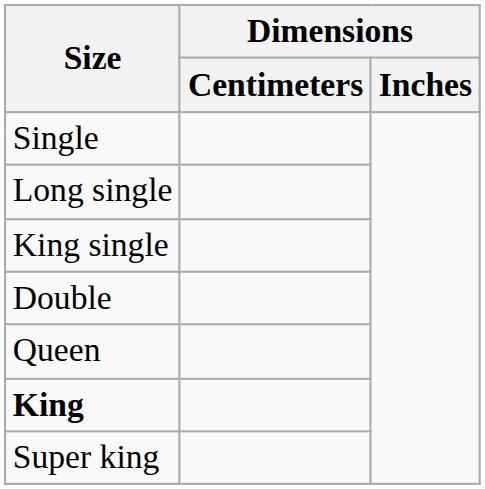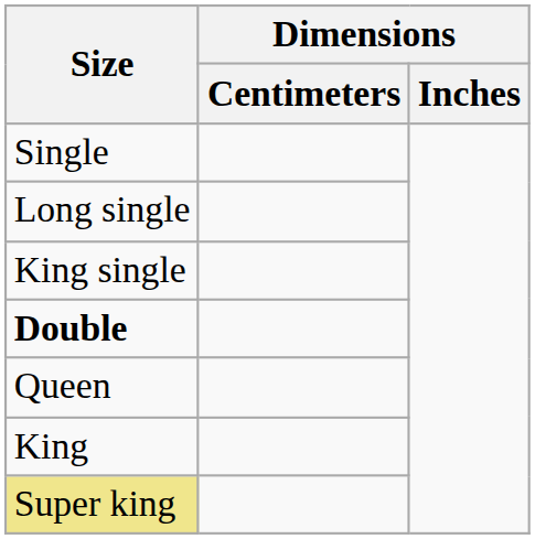 <table class="wikitable">
 <tr>
 <th rowspan="2" scope="col">Size</th>
 <th colspan="2" scope="col">Dimensions</th>
 </tr>
 <tr>
 <th>Centimeters</th>
 <th>Inches</th>
 </tr>
 <tr>
 <td>Single</td>
 <td></td>
 </tr>
 <tr>
 <td>Long single</td>
 <td></td>
 </tr>
 <tr>
 <td>King single</td>
 <td></td>
 </tr>
 <tr>
-<td>Double</td>
+<td><strong>Double</strong></td>
 <td></td>
 </tr>
 <tr>
 <td>Queen</td>
 <td></td>
 </tr>
 <tr>
-<td><strong>King</strong></td>
+<td>King</td>
 <td></td>
 </tr>
 <tr>
-<td>Super king</td>
+<td style="background: khaki;">Super king</td>
 <td></td>
 </tr>
 </table>
